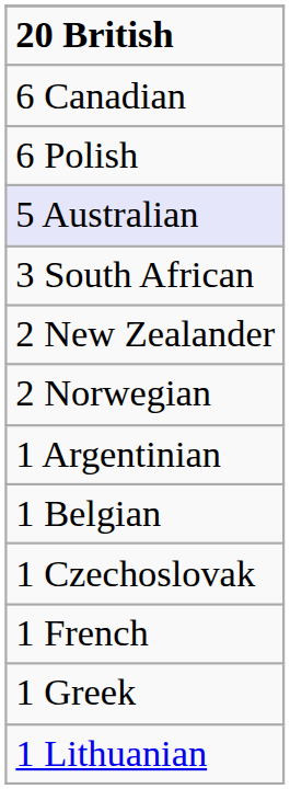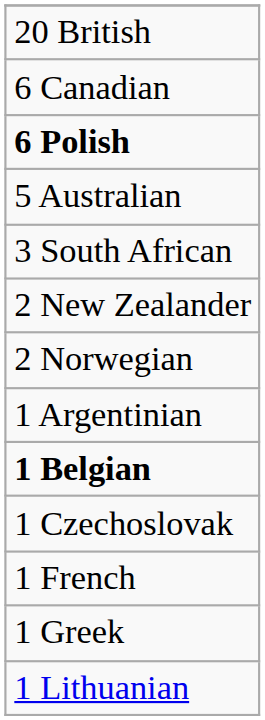 <table class="wikitable" style="float:right; margin:1em;">
 <tr>
 </tr>
 <tr>
-<td><strong> 20 British</strong></td>
+<td> 20 British</td>
 </tr>
 <tr>
 <td> 6 Canadian</td>
 </tr>
 <tr>
-<td> 6 Polish</td>
+<td><strong> 6 Polish</strong></td>
 </tr>
 <tr>
-<td style="background: lavender;"> 5 Australian</td>
+<td> 5 Australian</td>
 </tr>
 <tr>
 <td> 3 South African</td>
 </tr>
 <tr>
 <td> 2 New Zealander</td>
 </tr>
 <tr>
 <td> 2 Norwegian</td>
 </tr>
 <tr>
 <td> 1 Argentinian</td>
 </tr>
 <tr>
-<td> 1 Belgian</td>
+<td><strong> 1 Belgian</strong></td>
 </tr>
 <tr>
 <td> 1 Czechoslovak</td>
 </tr>
 <tr>
 <td> 1 French</td>
 </tr>
 <tr>
 <td> 1 Greek</td>
 </tr>
 <tr>
 <td> <a href='#'>1 Lithuanian</a></td>
 </tr>
 </table>
